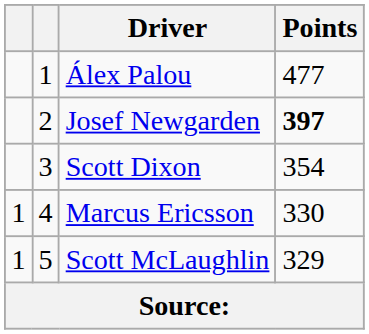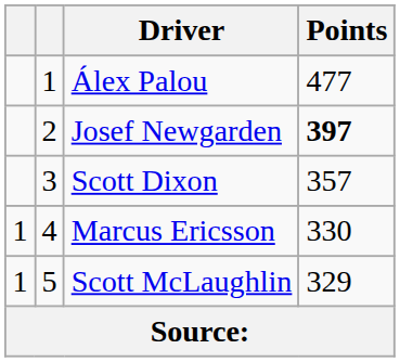 <table class="wikitable" style="font-size: 95%;">
 <tr>
 <th scope="col"></th>
 <th scope="col"></th>
 <th scope="col">Driver</th>
 <th scope="col">Points</th>
 </tr>
 <tr>
 <td align="left"></td>
 <td align="center">1</td>
 <td> <a href='#'>Álex Palou</a></td>
 <td align="left">477</td>
 </tr>
 <tr>
 <td align="left"></td>
 <td align="center">2</td>
 <td> <a href='#'>Josef Newgarden</a></td>
 <td align="left"><strong>397</strong></td>
 </tr>
 <tr>
 <td align="left"></td>
 <td align="center">3</td>
 <td> <a href='#'>Scott Dixon</a></td>
-<td align="left">354</td>
+<td align="left">357</td>
 </tr>
 <tr>
 <td align="left"> 1</td>
 <td align="center">4</td>
 <td> <a href='#'>Marcus Ericsson</a></td>
 <td align="left">330</td>
 </tr>
 <tr>
 <td align="left"> 1</td>
 <td align="center">5</td>
 <td> <a href='#'>Scott McLaughlin</a></td>
 <td align="left">329</td>
 </tr>
 <tr>
 <th colspan=4>Source:</th>
 </tr>
 </table>
